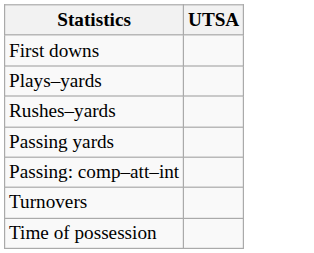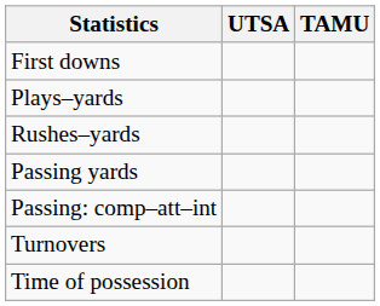 <table class="wikitable" style="float:left">
 <tr>
 <th>Statistics</th>
 <th>UTSA</th>
+<th>TAMU</th>
 </tr>
 <tr>
 <td>First downs</td>
+<td></td>
 <td></td>
 </tr>
 <tr>
 <td>Plays–yards</td>
 <td></td>
+<td></td>
 </tr>
 <tr>
 <td>Rushes–yards</td>
+<td></td>
 <td></td>
 </tr>
 <tr>
 <td>Passing yards</td>
 <td></td>
+<td></td>
 </tr>
 <tr>
 <td>Passing: comp–att–int</td>
+<td></td>
 <td></td>
 </tr>
 <tr>
 <td>Turnovers</td>
 <td></td>
+<td></td>
 </tr>
 <tr>
 <td>Time of possession</td>
 <td></td>
+<td></td>
 </tr>
 </table>
